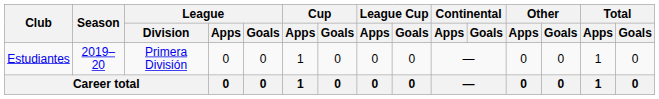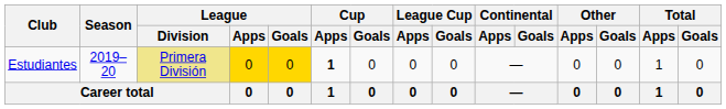 <table class="wikitable" style="text-align:center">
 <tr>
 <th rowspan="2">Club</th>
 <th rowspan="2">Season</th>
 <th colspan="3">League</th>
 <th colspan="2">Cup</th>
 <th colspan="2">League Cup</th>
 <th colspan="2">Continental</th>
 <th colspan="2">Other</th>
 <th colspan="2">Total</th>
 </tr>
 <tr>
 <th>Division</th>
 <th>Apps</th>
 <th>Goals</th>
 <th>Apps</th>
 <th>Goals</th>
 <th>Apps</th>
 <th>Goals</th>
 <th>Apps</th>
 <th>Goals</th>
 <th>Apps</th>
 <th>Goals</th>
 <th>Apps</th>
 <th>Goals</th>
 </tr>
 <tr>
 <td rowspan="1"><a href='#'>Estudiantes</a></td>
 <td><a href='#'>2019–20</a></td>
-<td rowspan="1"><a href='#'>Primera División</a></td>
-<td>0</td>
-<td>0</td>
-<td>1</td>
+<td rowspan="1" style="background: khaki;"><a href='#'>Primera División</a></td>
+<td style="background: gold;">0</td>
+<td style="background: gold;">0</td>
+<td><strong>1</strong></td>
 <td>0</td>
 <td>0</td>
 <td>0</td>
 <td colspan="2">—</td>
 <td>0</td>
 <td>0</td>
 <td>1</td>
 <td>0</td>
 </tr>
 <tr>
 <th colspan="3">Career total</th>
 <th>0</th>
 <th>0</th>
 <th>1</th>
 <th>0</th>
 <th>0</th>
 <th>0</th>
 <th colspan="2">—</th>
 <th>0</th>
 <th>0</th>
 <th>1</th>
 <th>0</th>
 </tr>
 </table>
